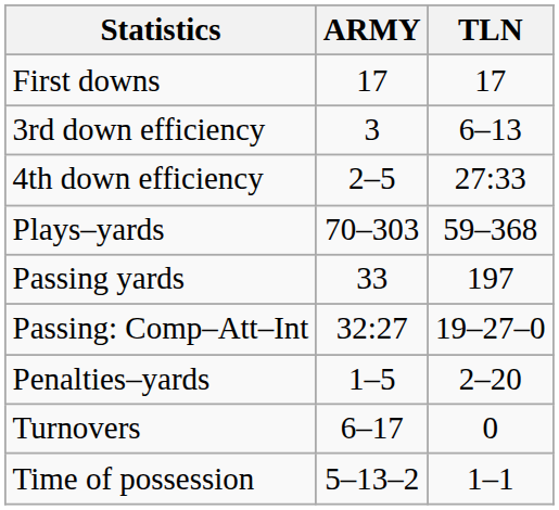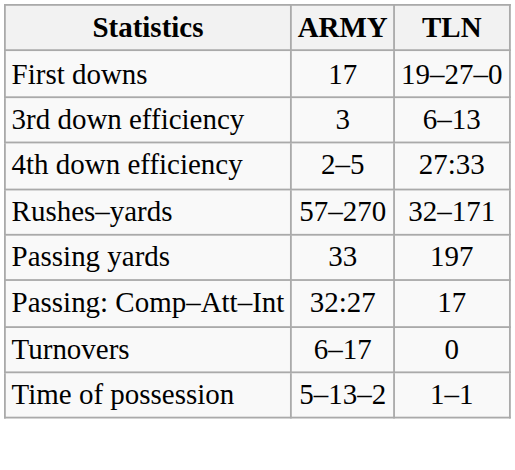 <table class="wikitable">
 <tr>
 <th>Statistics</th>
 <th>ARMY</th>
 <th>TLN</th>
 </tr>
 <tr>
 <td>First downs</td>
 <td align=center>17</td>
-<td align=center>17</td>
+<td align=center>19–27–0</td>
 </tr>
 <tr>
 <td>3rd down efficiency</td>
 <td align=center>3</td>
 <td align=center>6–13</td>
 </tr>
 <tr>
 <td>4th down efficiency</td>
 <td align=center>2–5</td>
 <td align=center>27:33</td>
 </tr>
 <tr>
-<td>Plays–yards</td>
-<td align=center>70–303</td>
-<td align=center>59–368</td>
+<td>Rushes–yards</td>
+<td align=center>57–270</td>
+<td align=center>32–171</td>
 </tr>
 <tr>
 <td>Passing yards</td>
 <td align=center>33</td>
 <td align=center>197</td>
 </tr>
 <tr>
 <td>Passing: Comp–Att–Int</td>
 <td align=center>32:27</td>
-<td align=center>19–27–0</td>
-</tr>
-<tr>
-<td>Penalties–yards</td>
-<td align=center>1–5</td>
-<td align=center>2–20</td>
+<td align=center>17</td>
 </tr>
 <tr>
 <td>Turnovers</td>
 <td align=center>6–17</td>
 <td align=center>0</td>
 </tr>
 <tr>
 <td>Time of possession</td>
 <td align=center>5–13–2</td>
 <td align=center>1–1</td>
 </tr>
 </table>
